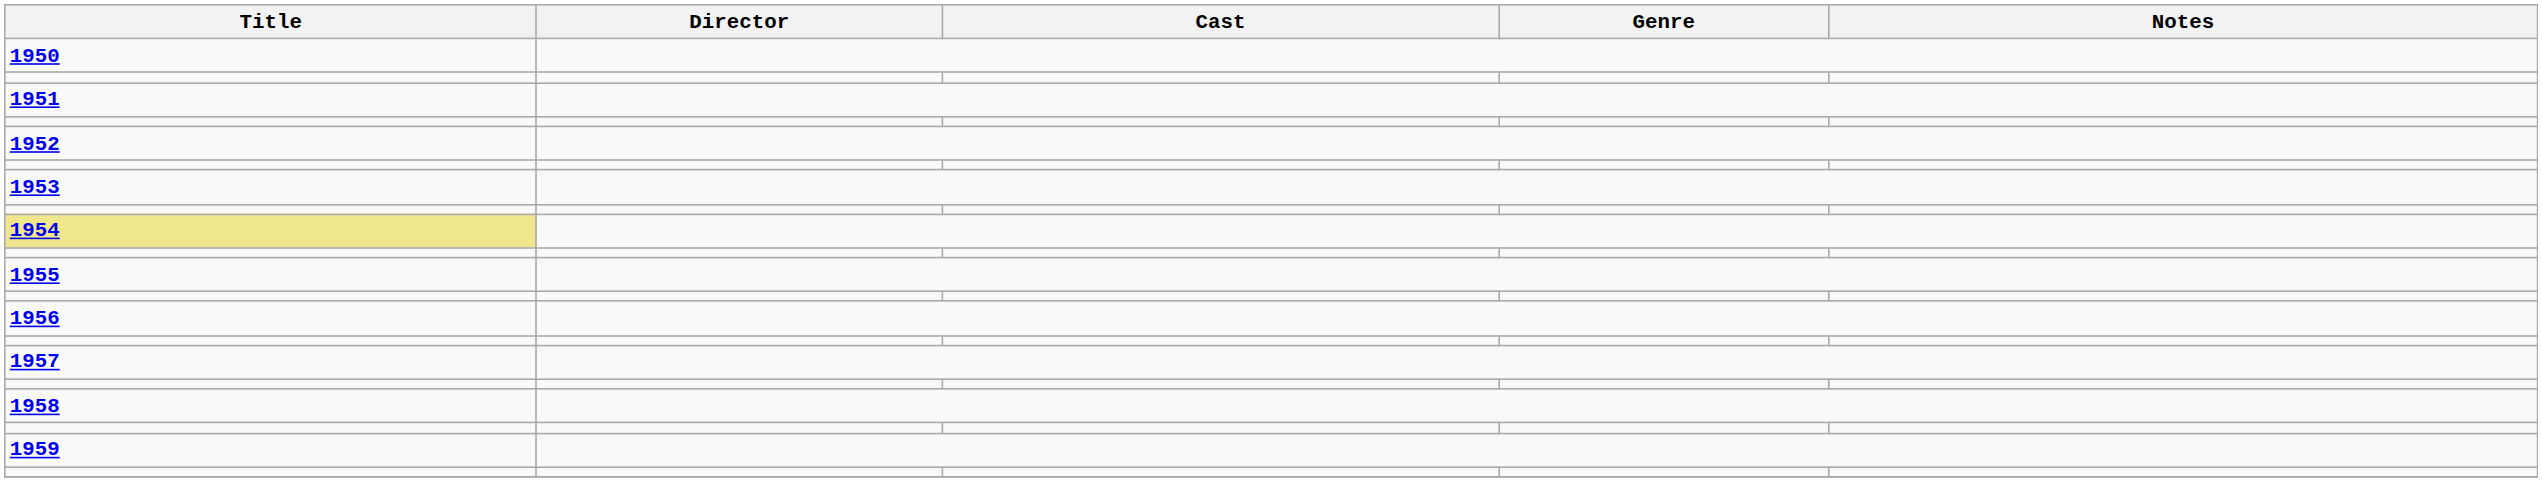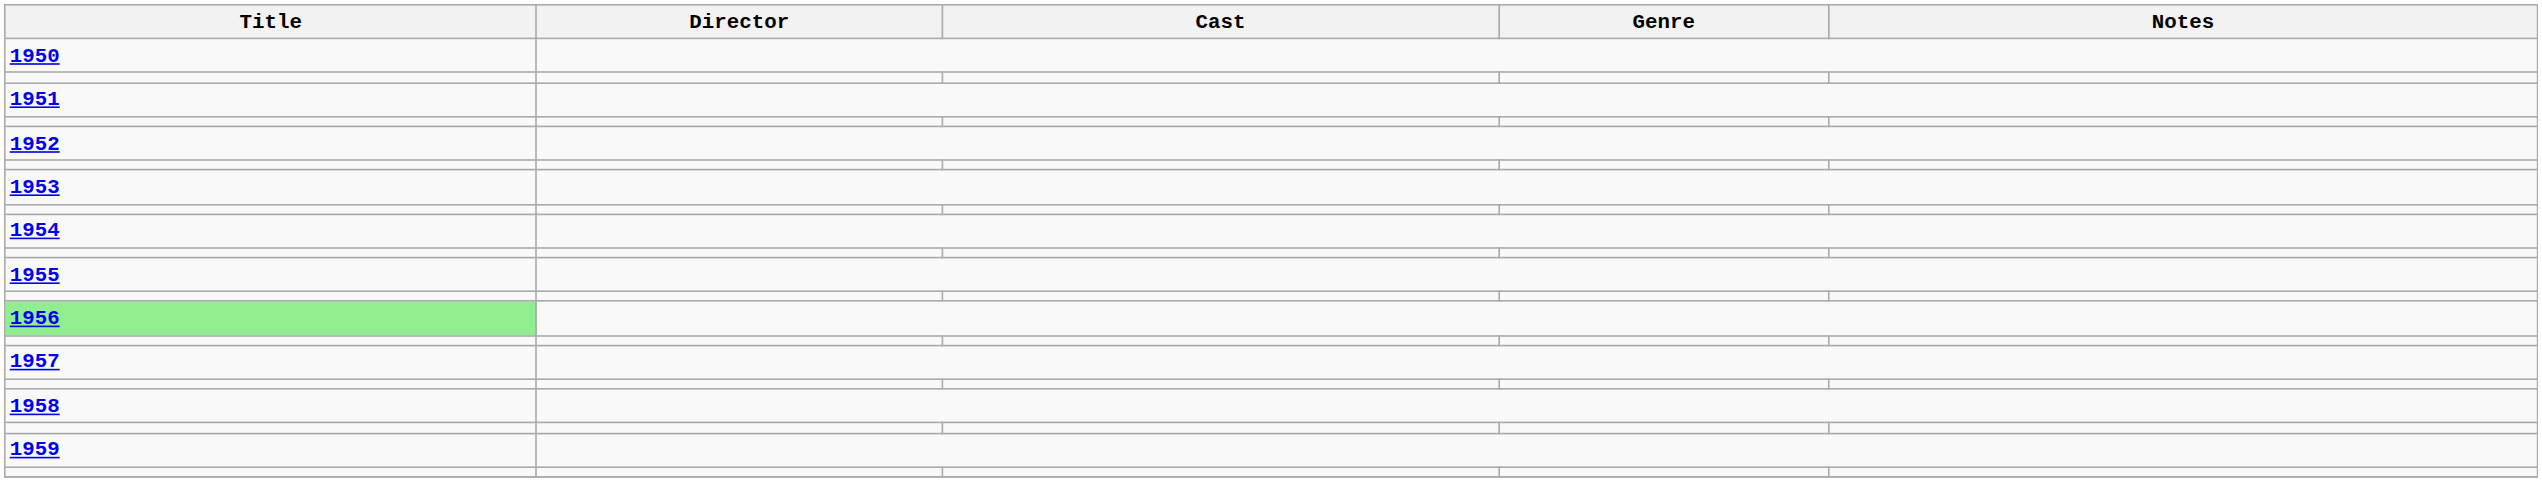 <table class="wikitable" width= "100%">
 <tr>
 <th width=21%>Title</th>
 <th width=16%>Director</th>
 <th width=22%>Cast</th>
 <th width=13%>Genre</th>
 <th width=28%>Notes</th>
 </tr>
 <tr>
 <td><strong><a href='#'>1950</a></strong></td>
 </tr>
 <tr>
 <td></td>
 <td></td>
 <td></td>
 <td></td>
 <td></td>
 </tr>
 <tr>
 <td><strong><a href='#'>1951</a></strong></td>
 </tr>
 <tr>
 <td></td>
 <td></td>
 <td></td>
 <td></td>
 <td></td>
 </tr>
 <tr>
 <td><strong><a href='#'>1952</a></strong></td>
 </tr>
 <tr>
 <td></td>
 <td></td>
 <td></td>
 <td></td>
 <td></td>
 </tr>
 <tr>
 <td><strong><a href='#'>1953</a></strong></td>
 </tr>
 <tr>
 <td></td>
 <td></td>
 <td></td>
 <td></td>
 <td></td>
 </tr>
 <tr>
-<td style="background: khaki;"><strong><a href='#'>1954</a></strong></td>
+<td><strong><a href='#'>1954</a></strong></td>
 </tr>
 <tr>
 <td></td>
 <td></td>
 <td></td>
 <td></td>
 <td></td>
 </tr>
 <tr>
 <td><strong><a href='#'>1955</a></strong></td>
 </tr>
 <tr>
 <td></td>
 <td></td>
 <td></td>
 <td></td>
 <td></td>
 </tr>
 <tr>
-<td><strong><a href='#'>1956</a></strong></td>
+<td style="background: lightgreen;"><strong><a href='#'>1956</a></strong></td>
 </tr>
 <tr>
 <td></td>
 <td></td>
 <td></td>
 <td></td>
 <td></td>
 </tr>
 <tr>
 <td><strong><a href='#'>1957</a></strong></td>
 </tr>
 <tr>
 <td></td>
 <td></td>
 <td></td>
 <td></td>
 <td></td>
 </tr>
 <tr>
 <td><strong><a href='#'>1958</a></strong></td>
 </tr>
 <tr>
 <td></td>
 <td></td>
 <td></td>
 <td></td>
 <td></td>
 </tr>
 <tr>
 <td><strong><a href='#'>1959</a></strong></td>
 </tr>
 <tr>
 <td></td>
 <td></td>
 <td></td>
 <td></td>
 <td></td>
 </tr>
 <tr>
 </tr>
 </table>
